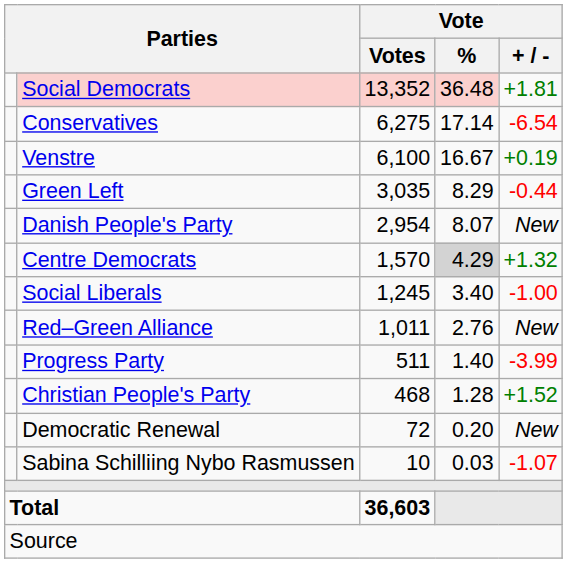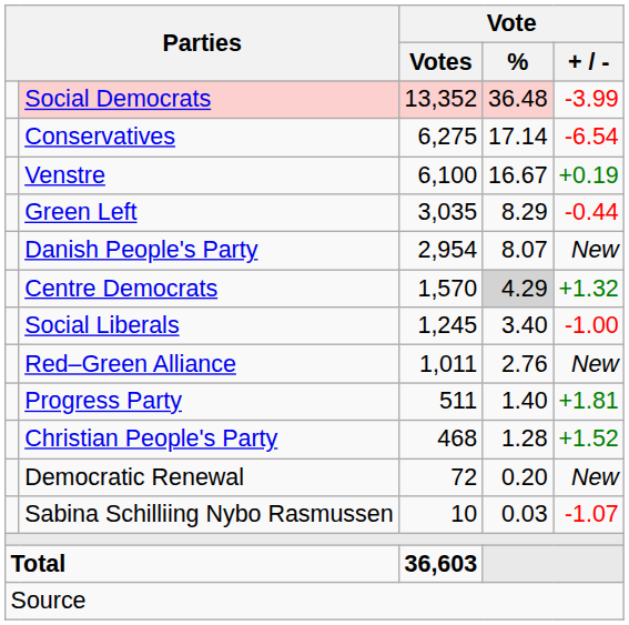 <table class="wikitable" style="text-align:right;">
 <tr>
 <th style="text-align:centre;" rowspan="2" colspan="2" width="225">Parties</th>
 <th colspan="3">Vote</th>
 </tr>
 <tr>
 <th width="15">Votes</th>
 <th width="15">%</th>
 <th width="15">+ / -</th>
 </tr>
 <tr>
 <td width="2" style="color:inherit;background:"></td>
 <td bgcolor=#fbd0ce  align="left"><a href='#'>Social Democrats</a></td>
 <td bgcolor=#fbd0ce>13,352</td>
 <td bgcolor=#fbd0ce>36.48</td>
-<td style=color:green;>+1.81</td>
+<td style=color:red;>-3.99</td>
 </tr>
 <tr>
 <td width="2" style="color:inherit;background:"></td>
 <td align="left"><a href='#'>Conservatives</a></td>
 <td>6,275</td>
 <td>17.14</td>
 <td style=color:red;>-6.54</td>
 </tr>
 <tr>
 <td width="2" style="color:inherit;background:"></td>
 <td align="left"><a href='#'>Venstre</a></td>
 <td>6,100</td>
 <td>16.67</td>
 <td style=color:green;>+0.19</td>
 </tr>
 <tr>
 <td width="2" style="color:inherit;background:"></td>
 <td align="left"><a href='#'>Green Left</a></td>
 <td>3,035</td>
 <td>8.29</td>
 <td style=color:red;>-0.44</td>
 </tr>
 <tr>
 <td width="2" style="color:inherit;background:"></td>
 <td align="left"><a href='#'>Danish People's Party</a></td>
 <td>2,954</td>
 <td>8.07</td>
 <td><em>New</em></td>
 </tr>
 <tr>
 <td width="2" style="color:inherit;background:"></td>
 <td align="left"><a href='#'>Centre Democrats</a></td>
 <td>1,570</td>
 <td style="background: lightgrey;">4.29</td>
 <td style=color:green;>+1.32</td>
 </tr>
 <tr>
 <td width="2" style="color:inherit;background:"></td>
 <td align="left"><a href='#'>Social Liberals</a></td>
 <td>1,245</td>
 <td>3.40</td>
 <td style=color:red;>-1.00</td>
 </tr>
 <tr>
 <td width="2" style="color:inherit;background:"></td>
 <td align="left"><a href='#'>Red–Green Alliance</a></td>
 <td>1,011</td>
 <td>2.76</td>
 <td><em>New</em></td>
 </tr>
 <tr>
 <td width="2" style="color:inherit;background:"></td>
 <td align="left"><a href='#'>Progress Party</a></td>
 <td>511</td>
 <td>1.40</td>
-<td style=color:red;>-3.99</td>
+<td style=color:green;>+1.81</td>
 </tr>
 <tr>
 <td width="2" style="color:inherit;background:"></td>
 <td align="left"><a href='#'>Christian People's Party</a></td>
 <td>468</td>
 <td>1.28</td>
 <td style=color:green;>+1.52</td>
 </tr>
 <tr>
 <td width="2" style="color:inherit;background:"></td>
 <td align="left">Democratic Renewal</td>
 <td>72</td>
 <td>0.20</td>
 <td><em>New</em></td>
 </tr>
 <tr>
 <td width="2" style="color:inherit;background:"></td>
 <td align="left">Sabina Schilliing Nybo Rasmussen</td>
 <td>10</td>
 <td>0.03</td>
 <td style=color:red;>-1.07</td>
 </tr>
 <tr>
 <td colspan="7" bgcolor="#E9E9E9"></td>
 </tr>
 <tr>
 <td align="left" colspan="2"><strong>Total</strong></td>
 <td><strong>36,603</strong></td>
 <td bgcolor="#E9E9E9" colspan="2"></td>
 </tr>
 <tr>
 <td align="left" colspan="6">Source</td>
 </tr>
 </table>
